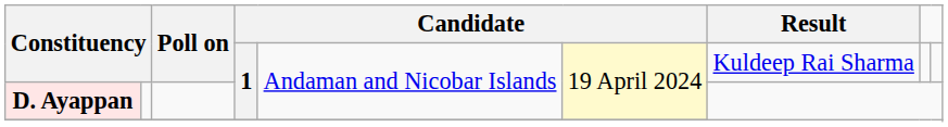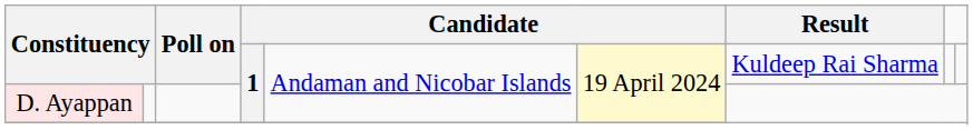 <table class="wikitable sortable" style="text-align:center;">
 <tr>
 <th colspan="2" rowspan="2">Constituency</th>
 <th rowspan="2">Poll on</th>
 <th colspan="3">Candidate</th>
 <th>Result</th>
 </tr>
 <tr>
 <th rowspan="2">1</th>
 <td rowspan="2"><a href='#'>Andaman and Nicobar Islands</a></td>
 <td rowspan="2" bgcolor=#FFFACD>19 April 2024</td>
 <td><a href='#'>Kuldeep Rai Sharma</a></td>
 <td></td>
 <td></td>
 </tr>
 <tr>
-<td style="background:#FFE6E6"><strong>D. Ayappan</strong></td>
+<td style="background:#FFE6E6">D. Ayappan</td>
 <td></td>
 <td></td>
 </tr>
 <tr>
 </tr>
 </table>
